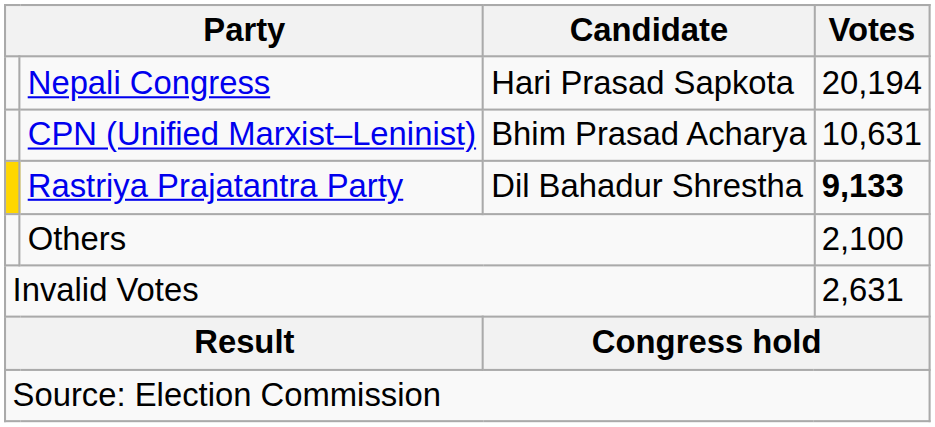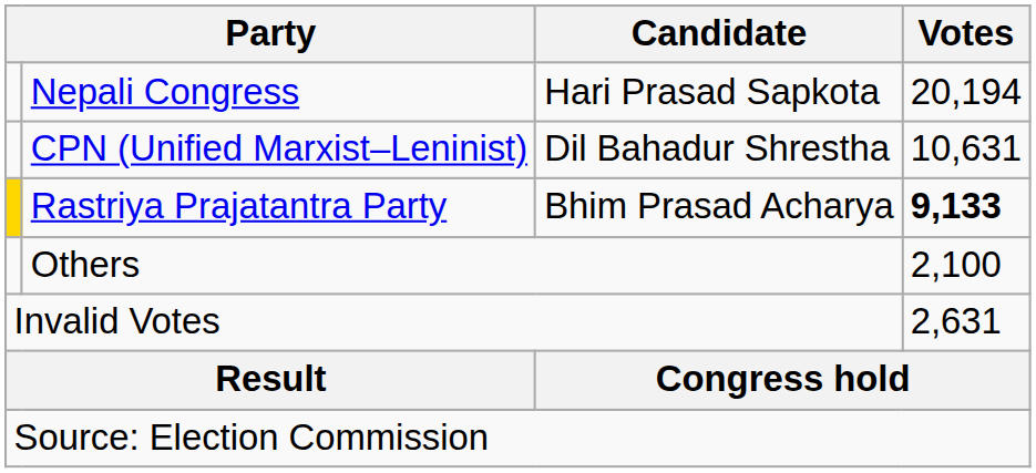 <table class="wikitable">
 <tr>
 <th colspan="2">Party</th>
 <th>Candidate</th>
 <th>Votes</th>
 </tr>
 <tr>
 <td style="background-color:"></td>
 <td><a href='#'>Nepali Congress</a></td>
 <td>Hari Prasad Sapkota</td>
 <td>20,194</td>
 </tr>
 <tr>
 <td style="background-color:"></td>
 <td><a href='#'>CPN (Unified Marxist–Leninist)</a></td>
-<td>Bhim Prasad Acharya</td>
+<td>Dil Bahadur Shrestha</td>
 <td>10,631</td>
 </tr>
 <tr>
 <td style="background-color:gold"></td>
 <td><a href='#'>Rastriya Prajatantra Party</a></td>
-<td>Dil Bahadur Shrestha</td>
+<td>Bhim Prasad Acharya</td>
 <td><strong>9,133</strong></td>
 </tr>
 <tr>
 <td></td>
 <td colspan="2">Others</td>
 <td>2,100</td>
 </tr>
 <tr>
 <td colspan="3">Invalid Votes</td>
 <td>2,631</td>
 </tr>
 <tr>
 <th colspan="2">Result</th>
 <th colspan="2">Congress hold</th>
 </tr>
 <tr>
 <td colspan="4">Source: Election Commission</td>
 </tr>
 </table>
